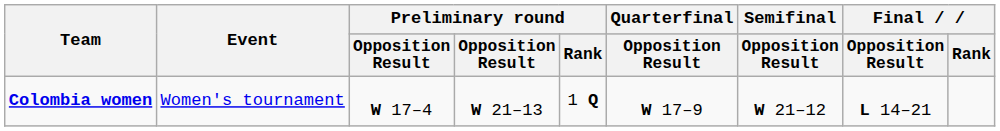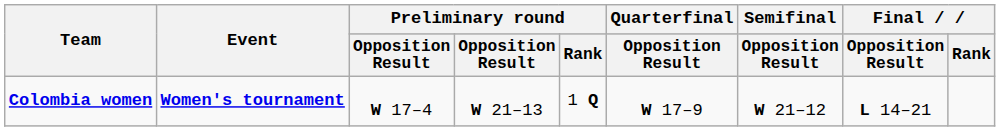 <table class=wikitable style=font-size:90%;text-align:center>
 <tr>
 <th rowspan=2>Team</th>
 <th rowspan=2>Event</th>
 <th colspan=3>Preliminary round</th>
 <th>Quarterfinal</th>
 <th>Semifinal</th>
 <th colspan=2>Final /  / </th>
 </tr>
 <tr style=font-size:95%>
 <th>Opposition<br>Result</th>
 <th>Opposition<br>Result</th>
 <th>Rank</th>
 <th>Opposition<br>Result</th>
 <th>Opposition<br>Result</th>
 <th>Opposition<br>Result</th>
 <th>Rank</th>
 </tr>
 <tr>
 <td align=left><strong><a href='#'>Colombia women</a></strong></td>
-<td align=left><a href='#'>Women's tournament</a></td>
+<td align=left><strong><a href='#'>Women's tournament</a></strong></td>
 <td><br><strong>W</strong> 17–4</td>
 <td><br><strong>W</strong> 21–13</td>
 <td>1 <strong>Q</strong></td>
 <td><br><strong>W</strong> 17–9</td>
 <td><br><strong>W</strong> 21–12</td>
 <td><br><strong>L</strong> 14–21</td>
 <td></td>
 </tr>
 </table>
